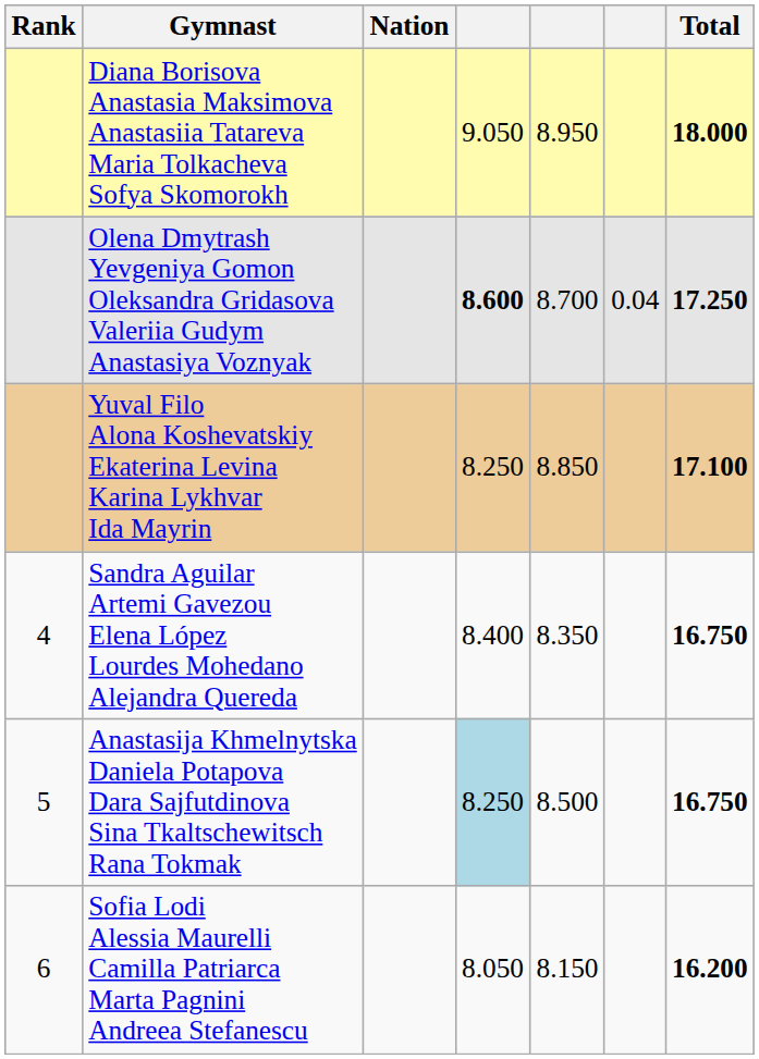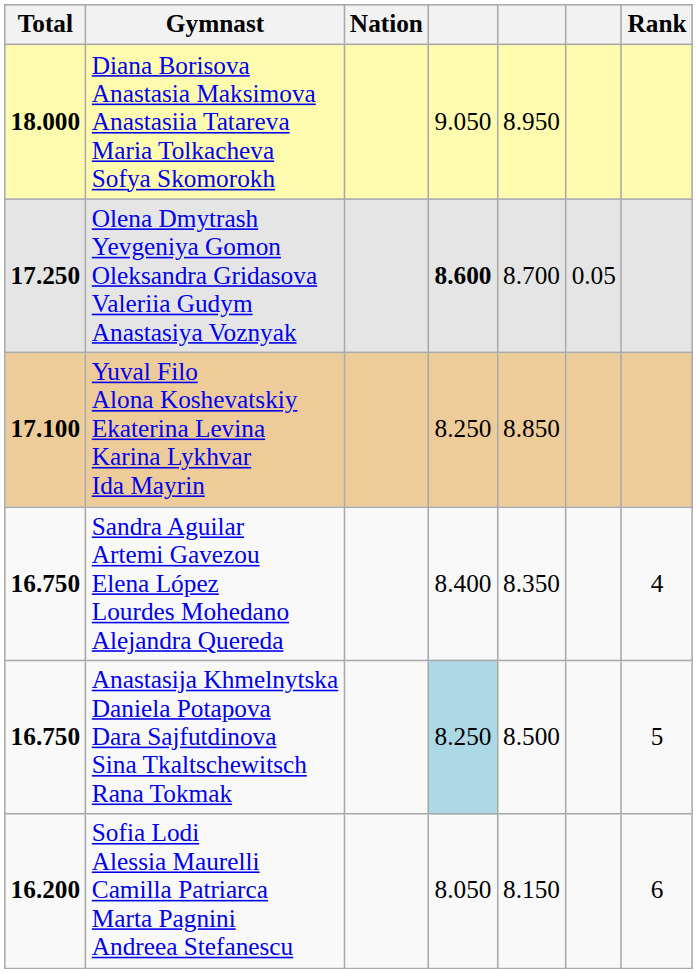 <table class="wikitable sortable" style="text-align:center">
 <tr>
-<th>Rank</th>
+<th>Total</th>
 <th>Gymnast</th>
 <th>Nation</th>
 <th><small></small></th>
 <th><small></small></th>
 <th><small></small></th>
-<th>Total</th>
+<th>Rank</th>
 </tr>
 <tr bgcolor=fffcaf>
-<td></td>
+<td><strong>18.000</strong></td>
 <td align=left><a href='#'>Diana Borisova</a><br><a href='#'>Anastasia Maksimova</a><br><a href='#'>Anastasiia Tatareva</a><br><a href='#'>Maria Tolkacheva</a><br><a href='#'>Sofya Skomorokh</a></td>
 <td align=left></td>
 <td>9.050</td>
 <td>8.950</td>
 <td></td>
-<td><strong>18.000</strong></td>
+<td></td>
 </tr>
 <tr bgcolor=e5e5e5>
-<td></td>
+<td><strong>17.250</strong></td>
 <td align=left><a href='#'>Olena Dmytrash</a><br><a href='#'>Yevgeniya Gomon</a><br><a href='#'>Oleksandra Gridasova</a><br><a href='#'>Valeriia Gudym</a><br><a href='#'>Anastasiya Voznyak</a></td>
 <td align=left></td>
 <td><strong>8.600</strong></td>
 <td>8.700</td>
-<td>0.04</td>
-<td><strong>17.250</strong></td>
+<td>0.05</td>
+<td></td>
 </tr>
 <tr bgcolor=eecc99>
-<td></td>
+<td><strong>17.100</strong></td>
 <td align=left><a href='#'>Yuval Filo</a><br><a href='#'>Alona Koshevatskiy</a><br><a href='#'>Ekaterina Levina</a><br><a href='#'>Karina Lykhvar</a><br><a href='#'>Ida Mayrin</a></td>
 <td align=left></td>
 <td>8.250</td>
 <td>8.850</td>
 <td></td>
-<td><strong>17.100</strong></td>
+<td></td>
 </tr>
 <tr>
-<td>4</td>
+<td><strong>16.750</strong></td>
 <td align=left><a href='#'>Sandra Aguilar</a><br><a href='#'>Artemi Gavezou</a><br><a href='#'>Elena López</a><br><a href='#'>Lourdes Mohedano</a><br><a href='#'>Alejandra Quereda</a><br></td>
 <td align=left></td>
 <td>8.400</td>
 <td>8.350</td>
 <td></td>
-<td><strong>16.750</strong></td>
+<td>4</td>
 </tr>
 <tr>
-<td>5</td>
+<td><strong>16.750</strong></td>
 <td align="left"><a href='#'>Anastasija Khmelnytska</a><br><a href='#'>Daniela Potapova</a><br><a href='#'>Dara Sajfutdinova</a><br><a href='#'>Sina Tkaltschewitsch</a><br><a href='#'>Rana Tokmak</a></td>
 <td align=left></td>
 <td style="background: lightblue;">8.250</td>
 <td>8.500</td>
 <td></td>
-<td><strong>16.750</strong></td>
+<td>5</td>
 </tr>
 <tr>
-<td>6</td>
+<td><strong>16.200</strong></td>
 <td align="left"><a href='#'>Sofia Lodi</a><br><a href='#'>Alessia Maurelli</a><br><a href='#'>Camilla Patriarca</a><br><a href='#'>Marta Pagnini</a><br><a href='#'>Andreea Stefanescu</a></td>
 <td align=left></td>
 <td>8.050</td>
 <td>8.150</td>
 <td></td>
-<td><strong>16.200</strong></td>
+<td>6</td>
 </tr>
 </table>
